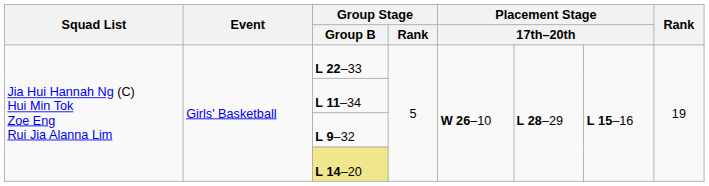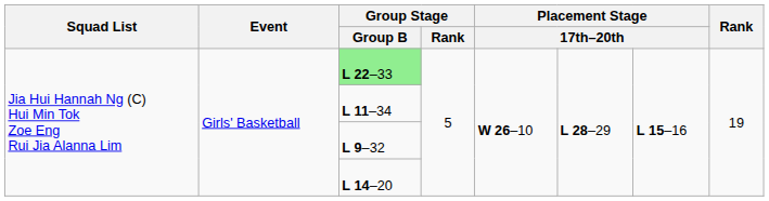 <table class="wikitable" width="90%" style="text-align:left; font-size:90%">
 <tr>
 <th rowspan="2">Squad List</th>
 <th rowspan="2">Event</th>
 <th colspan="2">Group Stage</th>
 <th colspan="3">Placement Stage</th>
 <th rowspan="2">Rank</th>
 </tr>
 <tr>
 <th>Group B</th>
 <th>Rank</th>
 <th colspan="3">17th–20th</th>
 </tr>
 <tr>
 <td rowspan="4"><a href='#'>Jia Hui Hannah Ng</a> (C)<br><a href='#'>Hui Min Tok</a><br><a href='#'>Zoe Eng</a><br><a href='#'>Rui Jia Alanna Lim</a></td>
 <td rowspan="4"><a href='#'>Girls' Basketball</a></td>
-<td><br> <strong>L</strong> <strong>22</strong>–33</td>
+<td style="background: lightgreen;"><br> <strong>L</strong> <strong>22</strong>–33</td>
 <td rowspan="4" align=center>5</td>
 <td rowspan="4"> <br> <strong>W</strong> <strong>26</strong>–10</td>
 <td rowspan="4"> <br> <strong>L</strong> <strong>28</strong>–29</td>
 <td rowspan="4"> <br> <strong>L</strong> <strong>15</strong>–16</td>
 <td rowspan="4" align="center">19</td>
 </tr>
 <tr>
 <td><br> <strong>L</strong> <strong>11</strong>–34</td>
 </tr>
 <tr>
 <td><br> <strong>L</strong> <strong>9</strong>–32</td>
 </tr>
 <tr>
-<td style="background: khaki;"><br> <strong>L</strong> <strong>14</strong>–20</td>
+<td><br> <strong>L</strong> <strong>14</strong>–20</td>
 </tr>
 </table>
